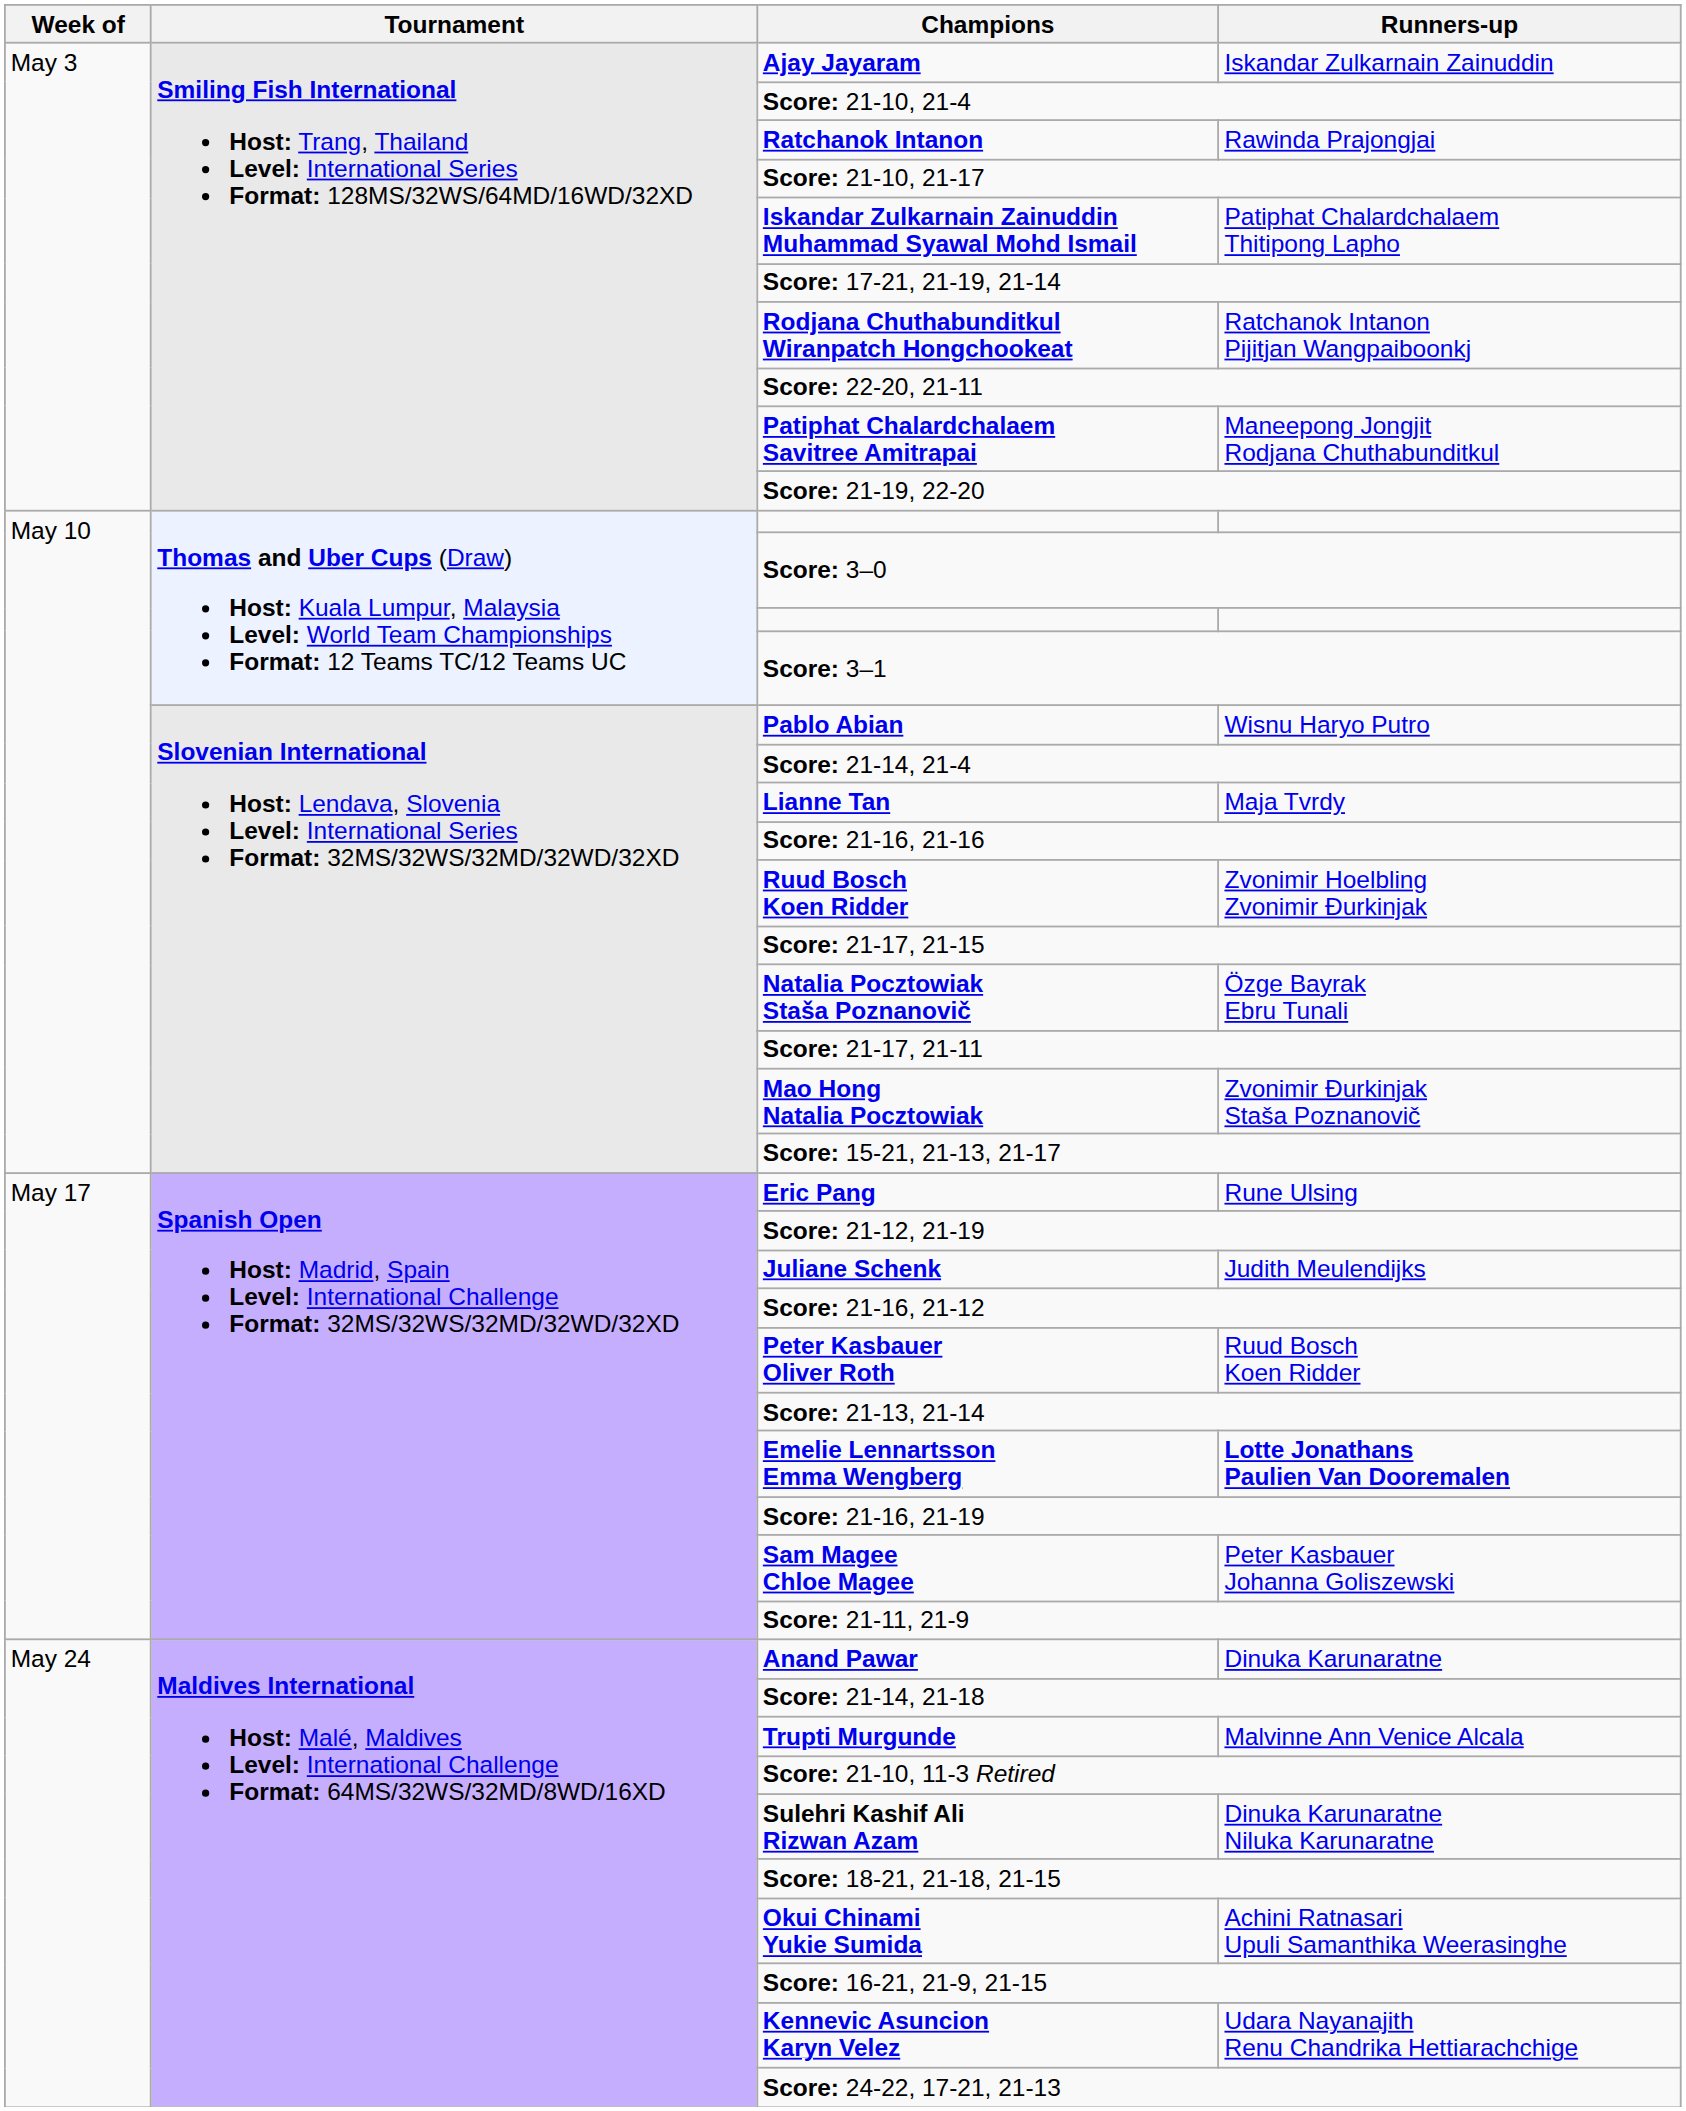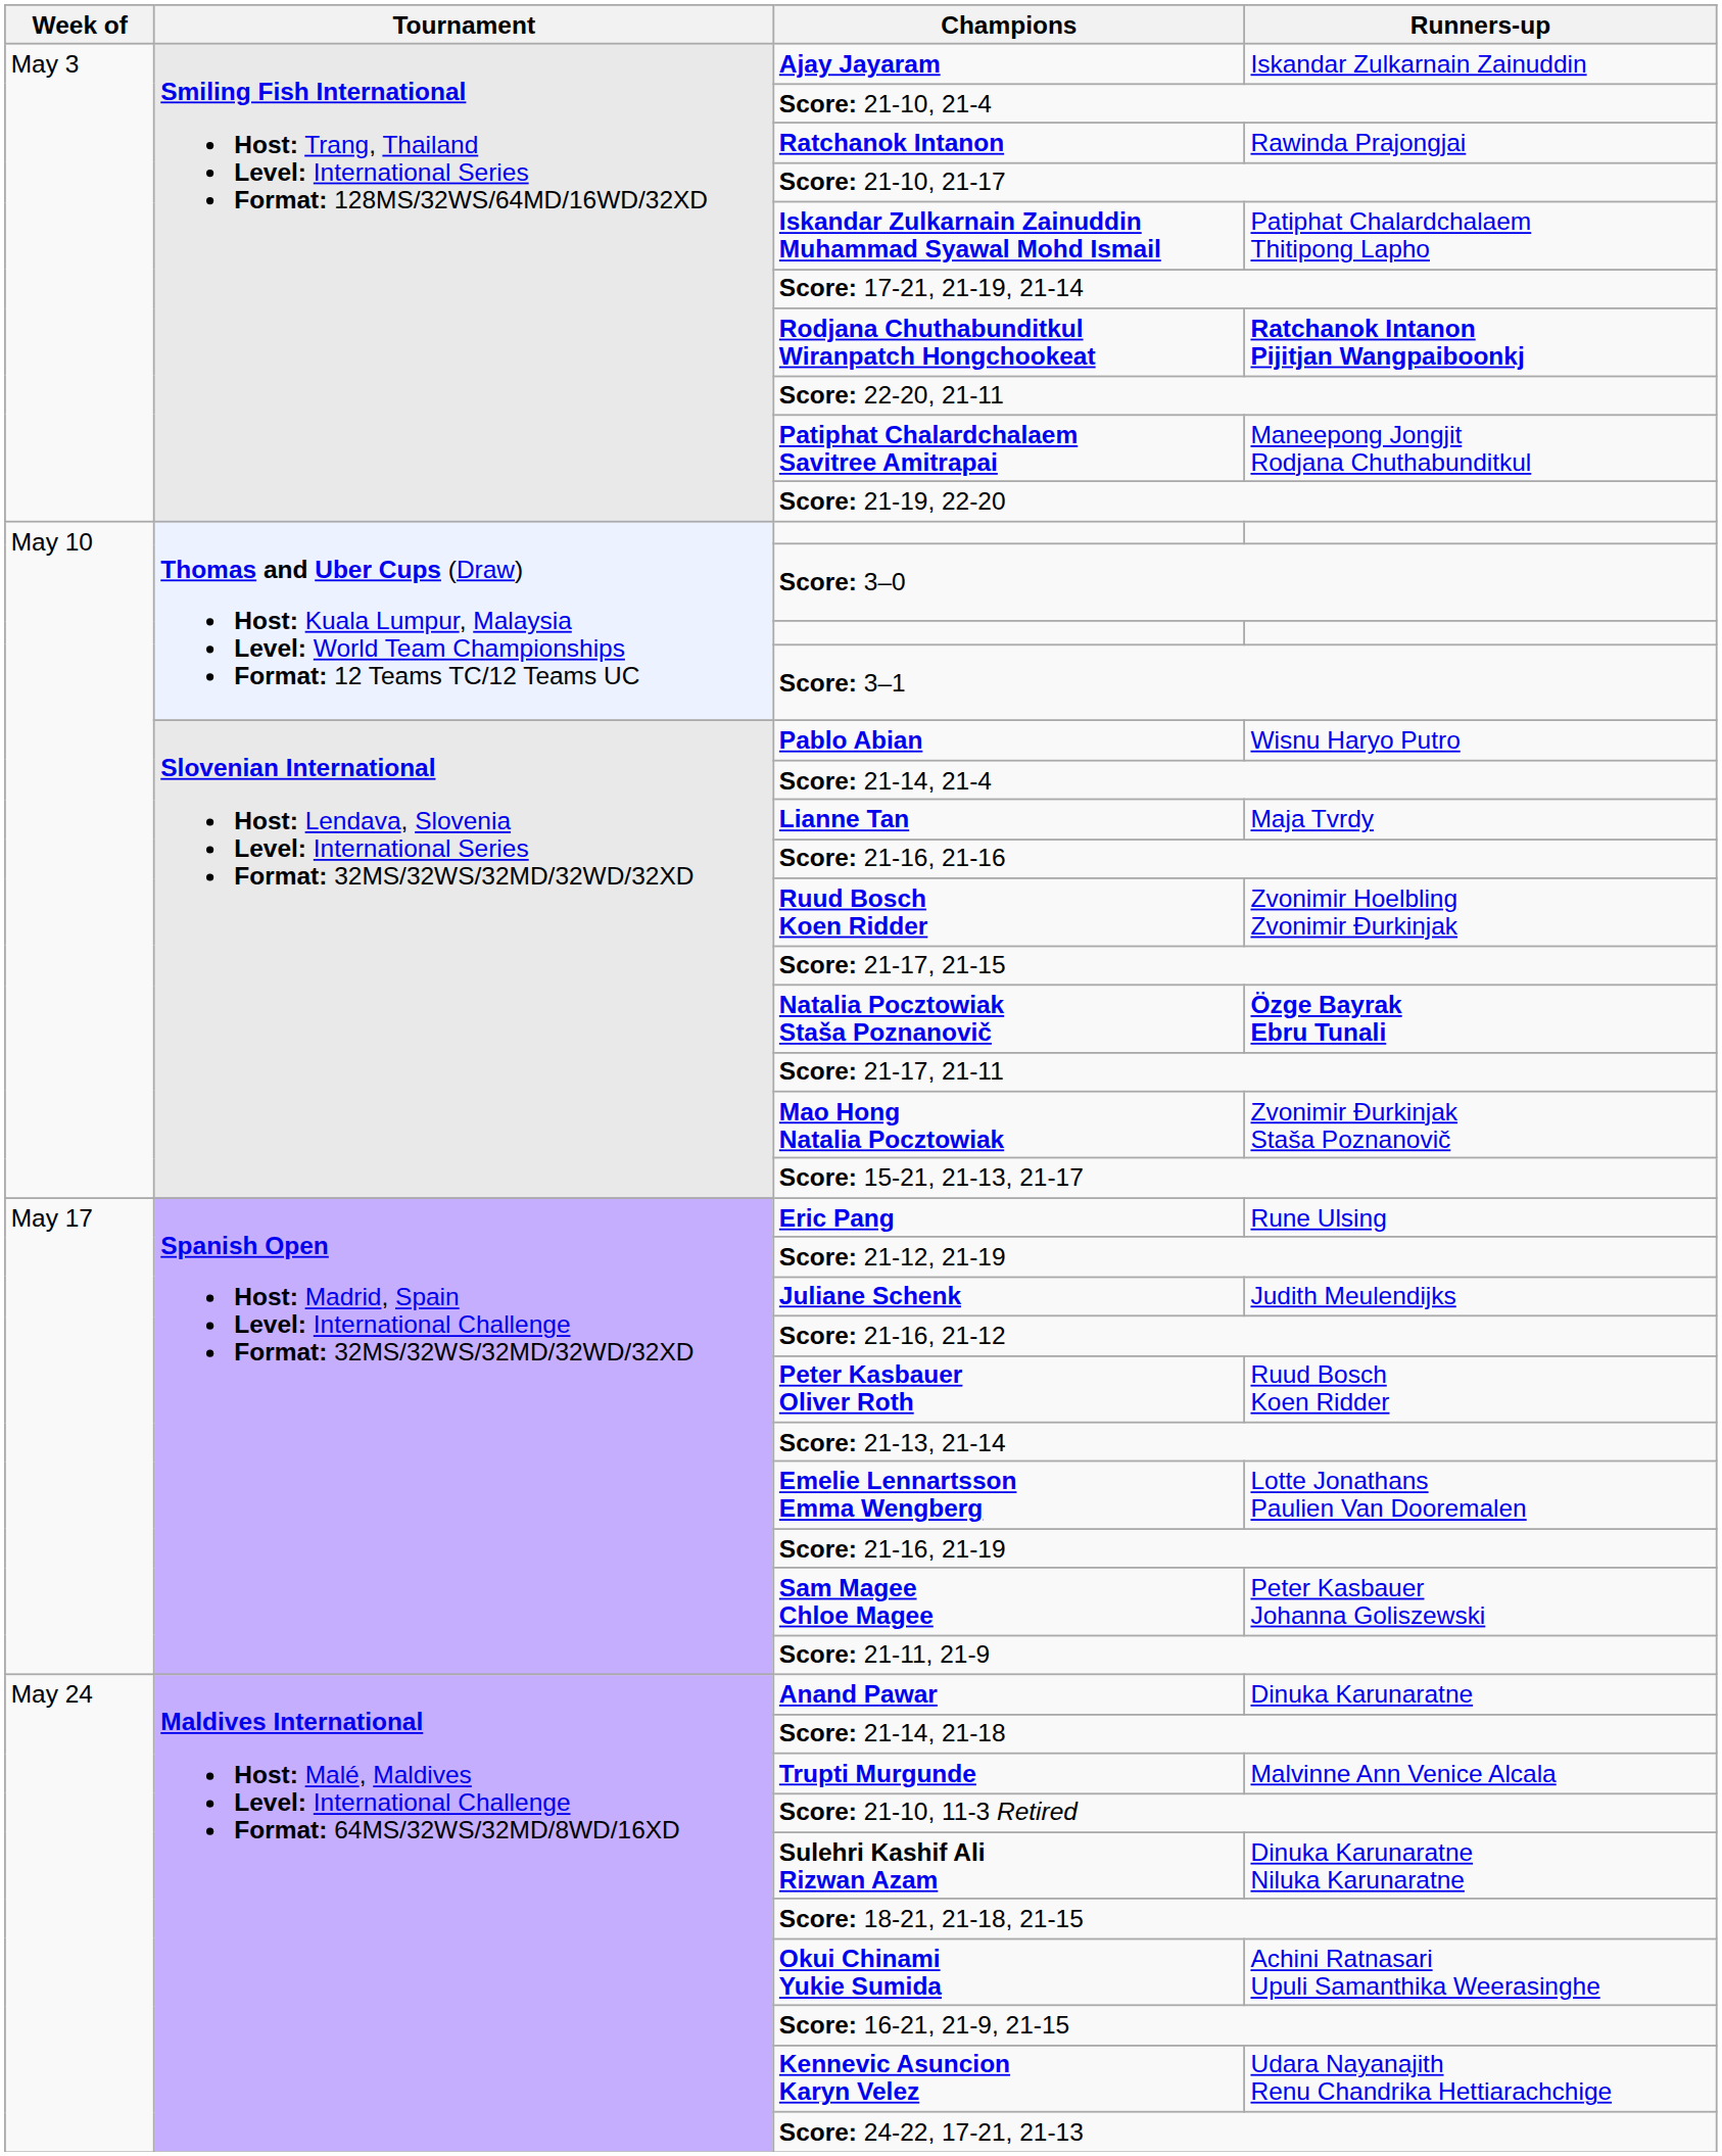 <table class=wikitable style=font-size:85%>
 <tr>
 <th width=75>Week of</th>
 <th width=330>Tournament</th>
 <th width=250>Champions</th>
 <th width=250>Runners-up</th>
 </tr>
 <tr valign=top>
 <td rowspan=10>May 3</td>
 <td style="background:#E9E9E9;" rowspan="10"><br> <strong><a href='#'>Smiling Fish International</a></strong><ul><li><strong>Host:</strong> <a href='#'>Trang</a>, <a href='#'>Thailand</a></li><li><strong>Level:</strong> <a href='#'>International Series</a></li><li><strong>Format:</strong> 128MS/32WS/64MD/16WD/32XD</li></ul></td>
 <td><strong> <a href='#'>Ajay Jayaram</a></strong></td>
 <td> <a href='#'>Iskandar Zulkarnain Zainuddin</a></td>
 </tr>
 <tr>
 <td colspan=2><strong>Score:</strong> 21-10, 21-4</td>
 </tr>
 <tr valign=top>
 <td><strong> <a href='#'>Ratchanok Intanon</a></strong></td>
 <td> <a href='#'>Rawinda Prajongjai</a></td>
 </tr>
 <tr>
 <td colspan=2><strong>Score:</strong> 21-10, 21-17</td>
 </tr>
 <tr valign=top>
 <td><strong> <a href='#'>Iskandar Zulkarnain Zainuddin</a><br> <a href='#'>Muhammad Syawal Mohd Ismail</a></strong></td>
 <td> <a href='#'>Patiphat Chalardchalaem</a><br> <a href='#'>Thitipong Lapho</a></td>
 </tr>
 <tr>
 <td colspan=2><strong>Score:</strong> 17-21, 21-19, 21-14</td>
 </tr>
 <tr valign=top>
 <td><strong> <a href='#'>Rodjana Chuthabunditkul</a><br> <a href='#'>Wiranpatch Hongchookeat</a></strong></td>
-<td> <a href='#'>Ratchanok Intanon</a><br> <a href='#'>Pijitjan Wangpaiboonkj</a></td>
+<td><strong> <a href='#'>Ratchanok Intanon</a><br> <a href='#'>Pijitjan Wangpaiboonkj</a></strong></td>
 </tr>
 <tr>
 <td colspan=2><strong>Score:</strong> 22-20, 21-11</td>
 </tr>
 <tr valign=top>
 <td><strong> <a href='#'>Patiphat Chalardchalaem</a><br> <a href='#'>Savitree Amitrapai</a></strong></td>
 <td> <a href='#'>Maneepong Jongjit</a><br> <a href='#'>Rodjana Chuthabunditkul</a></td>
 </tr>
 <tr>
 <td colspan=2><strong>Score:</strong> 21-19, 22-20</td>
 </tr>
 <tr valign=top>
 <td rowspan=14>May 10</td>
 <td style="background:#ECF2FF;" rowspan="4"><br> <strong><a href='#'>Thomas</a> and <a href='#'>Uber Cups</a></strong> (<a href='#'>Draw</a>)<ul><li><strong>Host:</strong> <a href='#'>Kuala Lumpur</a>, <a href='#'>Malaysia</a></li><li><strong>Level:</strong> <a href='#'>World Team Championships</a></li><li><strong>Format:</strong> 12 Teams TC/12 Teams UC</li></ul></td>
 <td><strong></strong></td>
 <td></td>
 </tr>
 <tr>
 <td colspan=2><strong>Score:</strong> 3–0</td>
 </tr>
 <tr>
 <td><strong></strong></td>
 <td></td>
 </tr>
 <tr>
 <td colspan=2><strong>Score:</strong> 3–1</td>
 </tr>
 <tr valign=top>
 <td style="background:#E9E9E9;" rowspan="10"><br> <strong><a href='#'>Slovenian International</a></strong><ul><li><strong>Host:</strong> <a href='#'>Lendava</a>, <a href='#'>Slovenia</a></li><li><strong>Level:</strong> <a href='#'>International Series</a></li><li><strong>Format:</strong> 32MS/32WS/32MD/32WD/32XD</li></ul></td>
 <td><strong> <a href='#'>Pablo Abian</a></strong></td>
 <td> <a href='#'>Wisnu Haryo Putro</a></td>
 </tr>
 <tr>
 <td colspan=2><strong>Score:</strong> 21-14, 21-4</td>
 </tr>
 <tr valign=top>
 <td><strong> <a href='#'>Lianne Tan</a></strong></td>
 <td> <a href='#'>Maja Tvrdy</a></td>
 </tr>
 <tr>
 <td colspan=2><strong>Score:</strong> 21-16, 21-16</td>
 </tr>
 <tr valign=top>
 <td><strong> <a href='#'>Ruud Bosch</a><br> <a href='#'>Koen Ridder</a></strong></td>
 <td> <a href='#'>Zvonimir Hoelbling</a><br> <a href='#'>Zvonimir Đurkinjak</a></td>
 </tr>
 <tr>
 <td colspan=2><strong>Score:</strong> 21-17, 21-15</td>
 </tr>
 <tr valign=top>
 <td><strong> <a href='#'>Natalia Pocztowiak</a><br> <a href='#'>Staša Poznanovič</a></strong></td>
-<td> <a href='#'>Özge Bayrak</a><br> <a href='#'>Ebru Tunali</a></td>
+<td><strong> <a href='#'>Özge Bayrak</a><br> <a href='#'>Ebru Tunali</a></strong></td>
 </tr>
 <tr>
 <td colspan=2><strong>Score:</strong> 21-17, 21-11</td>
 </tr>
 <tr valign=top>
 <td><strong> <a href='#'>Mao Hong</a><br> <a href='#'>Natalia Pocztowiak</a></strong></td>
 <td> <a href='#'>Zvonimir Đurkinjak</a><br> <a href='#'>Staša Poznanovič</a></td>
 </tr>
 <tr>
 <td colspan=2><strong>Score:</strong> 15-21, 21-13, 21-17</td>
 </tr>
 <tr valign=top>
 <td rowspan=10>May 17</td>
 <td style="background:#C6AEFF;" rowspan="10"><br> <strong><a href='#'>Spanish Open</a></strong><ul><li><strong>Host:</strong> <a href='#'>Madrid</a>, <a href='#'>Spain</a></li><li><strong>Level:</strong> <a href='#'>International Challenge</a></li><li><strong>Format:</strong> 32MS/32WS/32MD/32WD/32XD</li></ul></td>
 <td><strong> <a href='#'>Eric Pang</a></strong></td>
 <td> <a href='#'>Rune Ulsing</a></td>
 </tr>
 <tr>
 <td colspan=2><strong>Score:</strong> 21-12, 21-19</td>
 </tr>
 <tr valign=top>
 <td><strong> <a href='#'>Juliane Schenk</a></strong></td>
 <td> <a href='#'>Judith Meulendijks</a></td>
 </tr>
 <tr>
 <td colspan=2><strong>Score:</strong> 21-16, 21-12</td>
 </tr>
 <tr valign=top>
 <td><strong> <a href='#'>Peter Kasbauer</a><br> <a href='#'>Oliver Roth</a></strong></td>
 <td> <a href='#'>Ruud Bosch</a><br> <a href='#'>Koen Ridder</a></td>
 </tr>
 <tr>
 <td colspan=2><strong>Score:</strong> 21-13, 21-14</td>
 </tr>
 <tr valign=top>
 <td><strong> <a href='#'>Emelie Lennartsson</a><br> <a href='#'>Emma Wengberg</a></strong></td>
-<td><strong> <a href='#'>Lotte Jonathans</a><br> <a href='#'>Paulien Van Dooremalen</a></strong></td>
+<td> <a href='#'>Lotte Jonathans</a><br> <a href='#'>Paulien Van Dooremalen</a></td>
 </tr>
 <tr>
 <td colspan=2><strong>Score:</strong> 21-16, 21-19</td>
 </tr>
 <tr valign=top>
 <td><strong> <a href='#'>Sam Magee</a><br> <a href='#'>Chloe Magee</a></strong></td>
 <td> <a href='#'>Peter Kasbauer</a><br> <a href='#'>Johanna Goliszewski</a></td>
 </tr>
 <tr>
 <td colspan=2><strong>Score:</strong> 21-11, 21-9</td>
 </tr>
 <tr valign=top>
 <td rowspan=10>May 24</td>
 <td style="background:#C6AEFF;" rowspan="10"><br> <strong><a href='#'>Maldives International</a></strong><ul><li><strong>Host:</strong> <a href='#'>Malé</a>, <a href='#'>Maldives</a></li><li><strong>Level:</strong> <a href='#'>International Challenge</a></li><li><strong>Format:</strong> 64MS/32WS/32MD/8WD/16XD</li></ul></td>
 <td><strong> <a href='#'>Anand Pawar</a></strong></td>
 <td> <a href='#'>Dinuka Karunaratne</a></td>
 </tr>
 <tr>
 <td colspan=2><strong>Score:</strong> 21-14, 21-18</td>
 </tr>
 <tr valign=top>
 <td><strong> <a href='#'>Trupti Murgunde</a></strong></td>
 <td> <a href='#'>Malvinne Ann Venice Alcala</a></td>
 </tr>
 <tr>
 <td colspan=2><strong>Score:</strong> 21-10, 11-3 <em>Retired</em></td>
 </tr>
 <tr valign=top>
 <td><strong> Sulehri Kashif Ali<br> <a href='#'>Rizwan Azam</a></strong></td>
 <td> <a href='#'>Dinuka Karunaratne</a><br> <a href='#'>Niluka Karunaratne</a></td>
 </tr>
 <tr>
 <td colspan=2><strong>Score:</strong> 18-21, 21-18, 21-15</td>
 </tr>
 <tr valign=top>
 <td><strong> <a href='#'>Okui Chinami</a><br> <a href='#'>Yukie Sumida</a></strong></td>
 <td> <a href='#'>Achini Ratnasari</a><br> <a href='#'>Upuli Samanthika Weerasinghe</a></td>
 </tr>
 <tr>
 <td colspan=2><strong>Score:</strong> 16-21, 21-9, 21-15</td>
 </tr>
 <tr valign=top>
 <td><strong> <a href='#'>Kennevic Asuncion</a><br> <a href='#'>Karyn Velez</a></strong></td>
 <td> <a href='#'>Udara Nayanajith</a><br> <a href='#'>Renu Chandrika Hettiarachchige</a></td>
 </tr>
 <tr>
 <td colspan=2><strong>Score:</strong> 24-22, 17-21, 21-13</td>
 </tr>
 </table>
